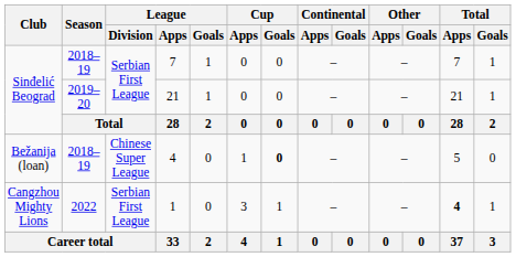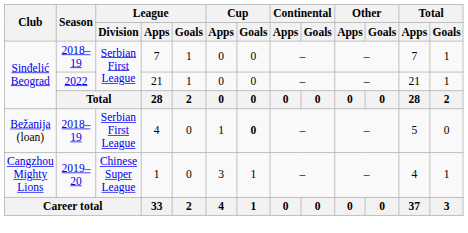 <table class="wikitable" style="text-align: center">
 <tr>
 <th rowspan="2">Club</th>
 <th rowspan="2">Season</th>
 <th colspan="3">League</th>
 <th colspan="2">Cup</th>
 <th colspan="2">Continental</th>
 <th colspan="2">Other</th>
 <th colspan="2">Total</th>
 </tr>
 <tr>
 <th>Division</th>
 <th>Apps</th>
 <th>Goals</th>
 <th>Apps</th>
 <th>Goals</th>
 <th>Apps</th>
 <th>Goals</th>
 <th>Apps</th>
 <th>Goals</th>
 <th>Apps</th>
 <th>Goals</th>
 </tr>
 <tr>
 <td rowspan="3"><a href='#'>Sinđelić Beograd</a></td>
 <td><a href='#'>2018–19</a></td>
 <td rowspan="2"><a href='#'>Serbian First League</a></td>
 <td>7</td>
 <td>1</td>
 <td>0</td>
 <td>0</td>
 <td colspan="2">–</td>
 <td colspan="2">–</td>
 <td>7</td>
 <td>1</td>
 </tr>
 <tr>
-<td><a href='#'>2019–20</a></td>
+<td><a href='#'>2022</a></td>
 <td>21</td>
 <td>1</td>
 <td>0</td>
 <td>0</td>
 <td colspan="2">–</td>
 <td colspan="2">–</td>
 <td>21</td>
 <td>1</td>
 </tr>
 <tr>
 <th colspan=2>Total</th>
 <th>28</th>
 <th>2</th>
 <th>0</th>
 <th>0</th>
 <th>0</th>
 <th>0</th>
 <th>0</th>
 <th>0</th>
 <th>28</th>
 <th>2</th>
 </tr>
 <tr>
 <td><a href='#'>Bežanija</a> (loan)</td>
 <td><a href='#'>2018–19</a></td>
-<td><a href='#'>Chinese Super League</a></td>
+<td><a href='#'>Serbian First League</a></td>
 <td>4</td>
 <td>0</td>
 <td>1</td>
 <td><strong>0</strong></td>
 <td colspan="2">–</td>
 <td colspan="2">–</td>
 <td>5</td>
 <td>0</td>
 </tr>
 <tr>
 <td><a href='#'>Cangzhou Mighty Lions</a></td>
-<td><a href='#'>2022</a></td>
-<td><a href='#'>Serbian First League</a></td>
+<td><a href='#'>2019–20</a></td>
+<td><a href='#'>Chinese Super League</a></td>
 <td>1</td>
 <td>0</td>
 <td>3</td>
 <td>1</td>
 <td colspan="2">–</td>
 <td colspan="2">–</td>
-<td><strong>4</strong></td>
+<td>4</td>
 <td>1</td>
 </tr>
 <tr>
 <th colspan=3>Career total</th>
 <th>33</th>
 <th>2</th>
 <th>4</th>
 <th>1</th>
 <th>0</th>
 <th>0</th>
 <th>0</th>
 <th>0</th>
 <th>37</th>
 <th>3</th>
 </tr>
 </table>
